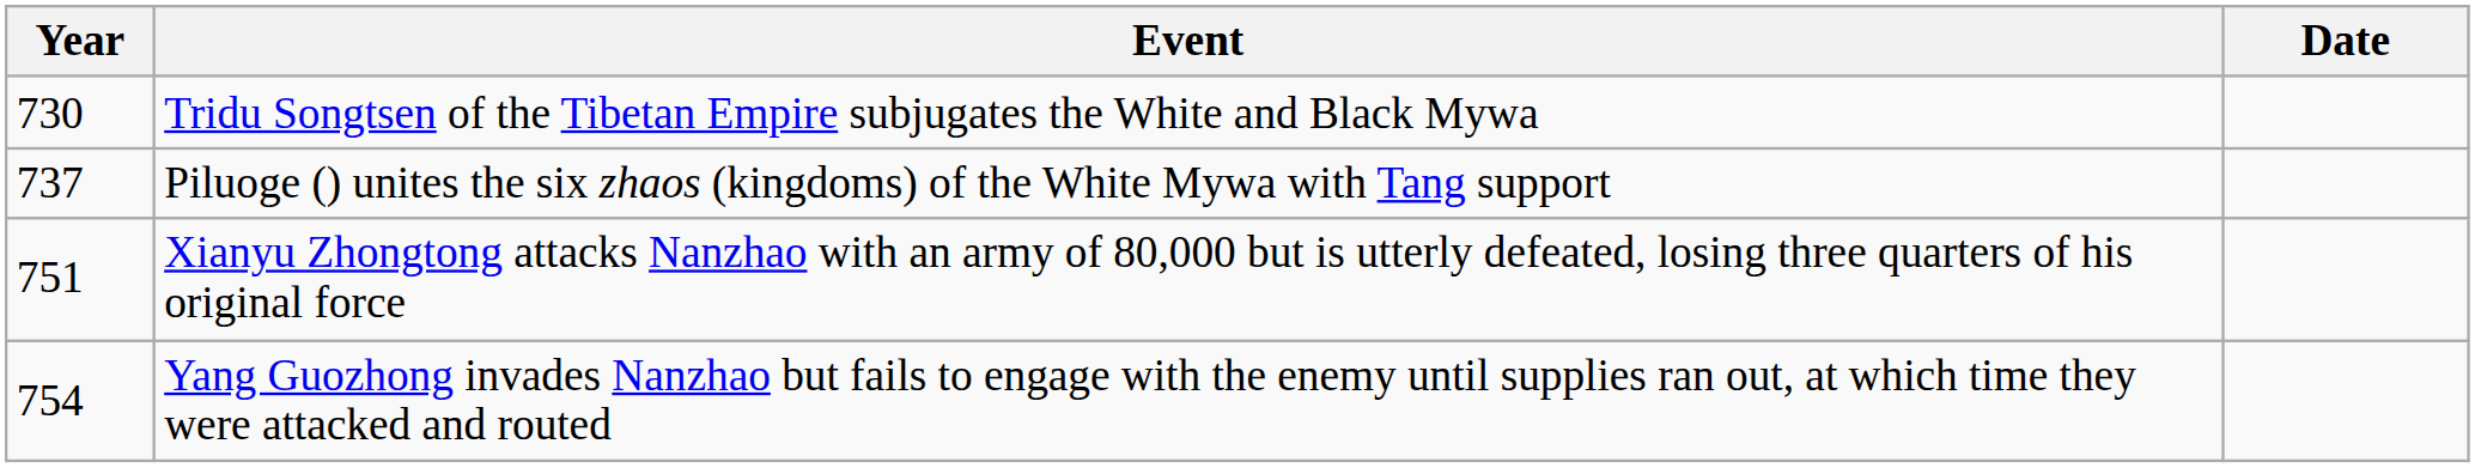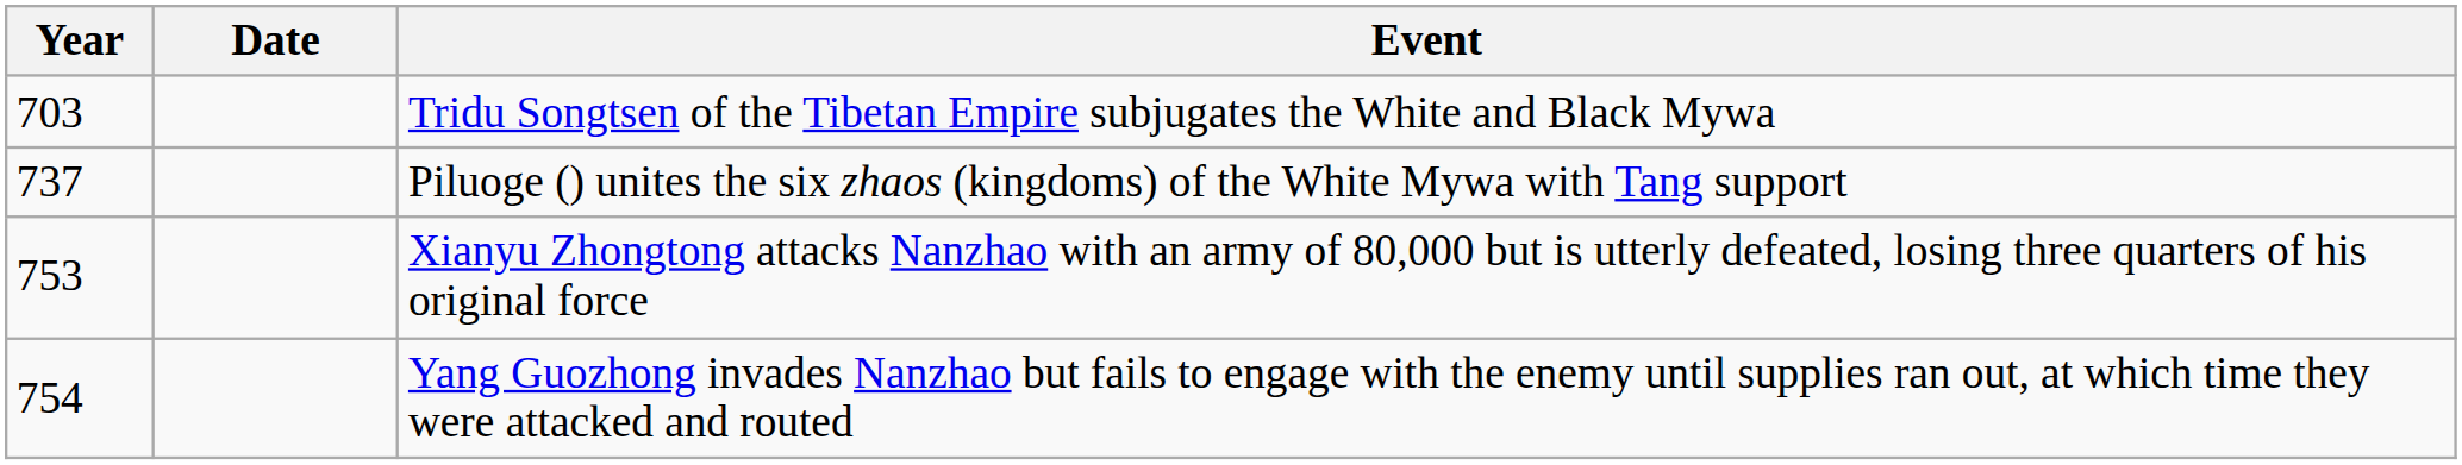 <table class="wikitable" width="100%">
 <tr>
 <th style="width:6%">Year</th>
+<th style="width:10%">Date</th>
 <th>Event</th>
-<th style="width:10%">Date</th>
 </tr>
 <tr>
-<td>730</td>
+<td>703</td>
+<td></td>
 <td><a href='#'>Tridu Songtsen</a> of the <a href='#'>Tibetan Empire</a> subjugates the White and Black Mywa</td>
-<td></td>
 </tr>
 <tr>
 <td>737</td>
+<td></td>
 <td>Piluoge () unites the six <em>zhaos</em> (kingdoms) of the White Mywa with <a href='#'>Tang</a> support</td>
-<td></td>
 </tr>
 <tr>
-<td>751</td>
+<td>753</td>
+<td></td>
 <td><a href='#'>Xianyu Zhongtong</a> attacks <a href='#'>Nanzhao</a> with an army of 80,000 but is utterly defeated, losing three quarters of his original force</td>
-<td></td>
 </tr>
 <tr>
 <td>754</td>
+<td></td>
 <td><a href='#'>Yang Guozhong</a> invades <a href='#'>Nanzhao</a> but fails to engage with the enemy until supplies ran out, at which time they were attacked and routed</td>
-<td></td>
 </tr>
 </table>
